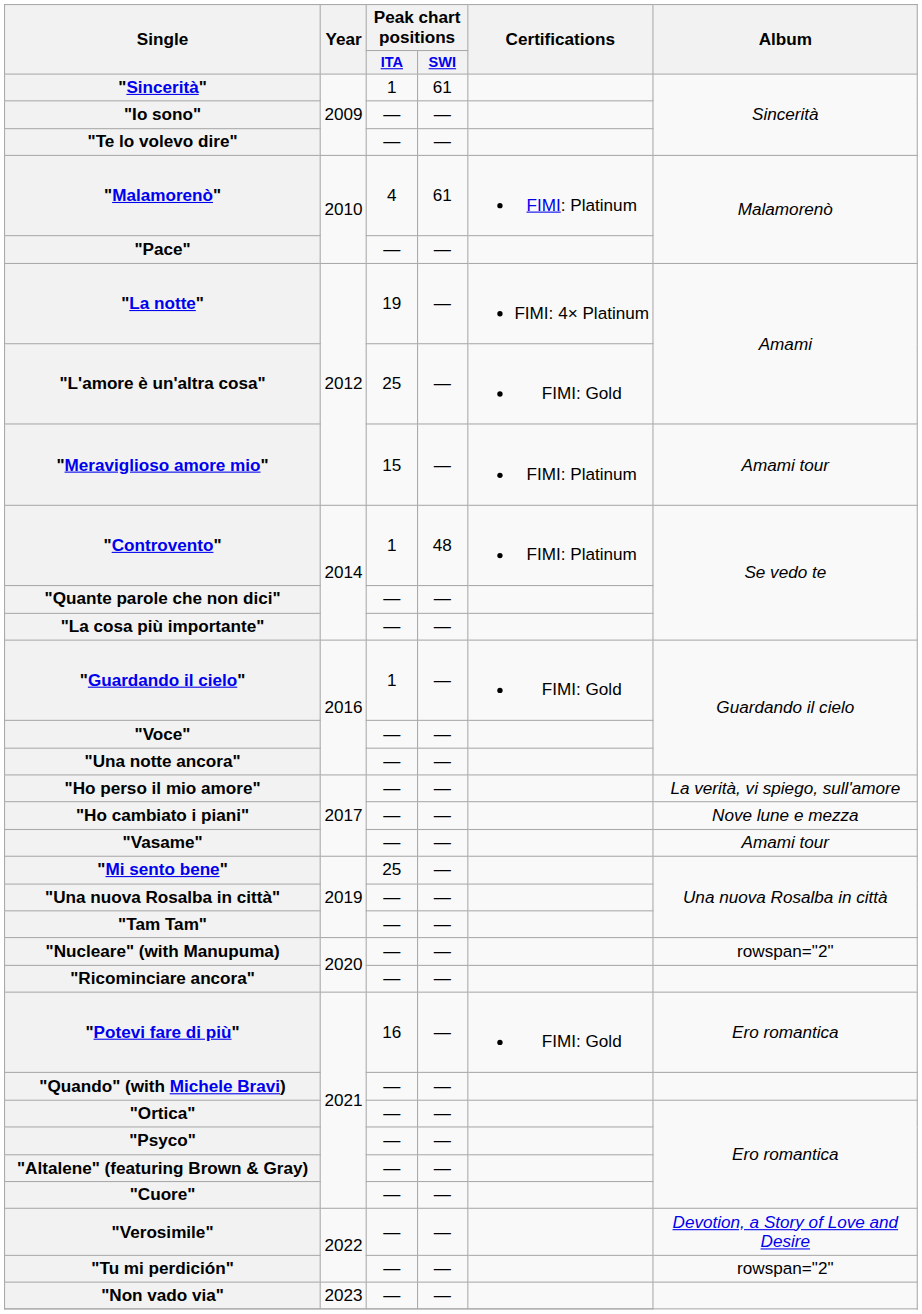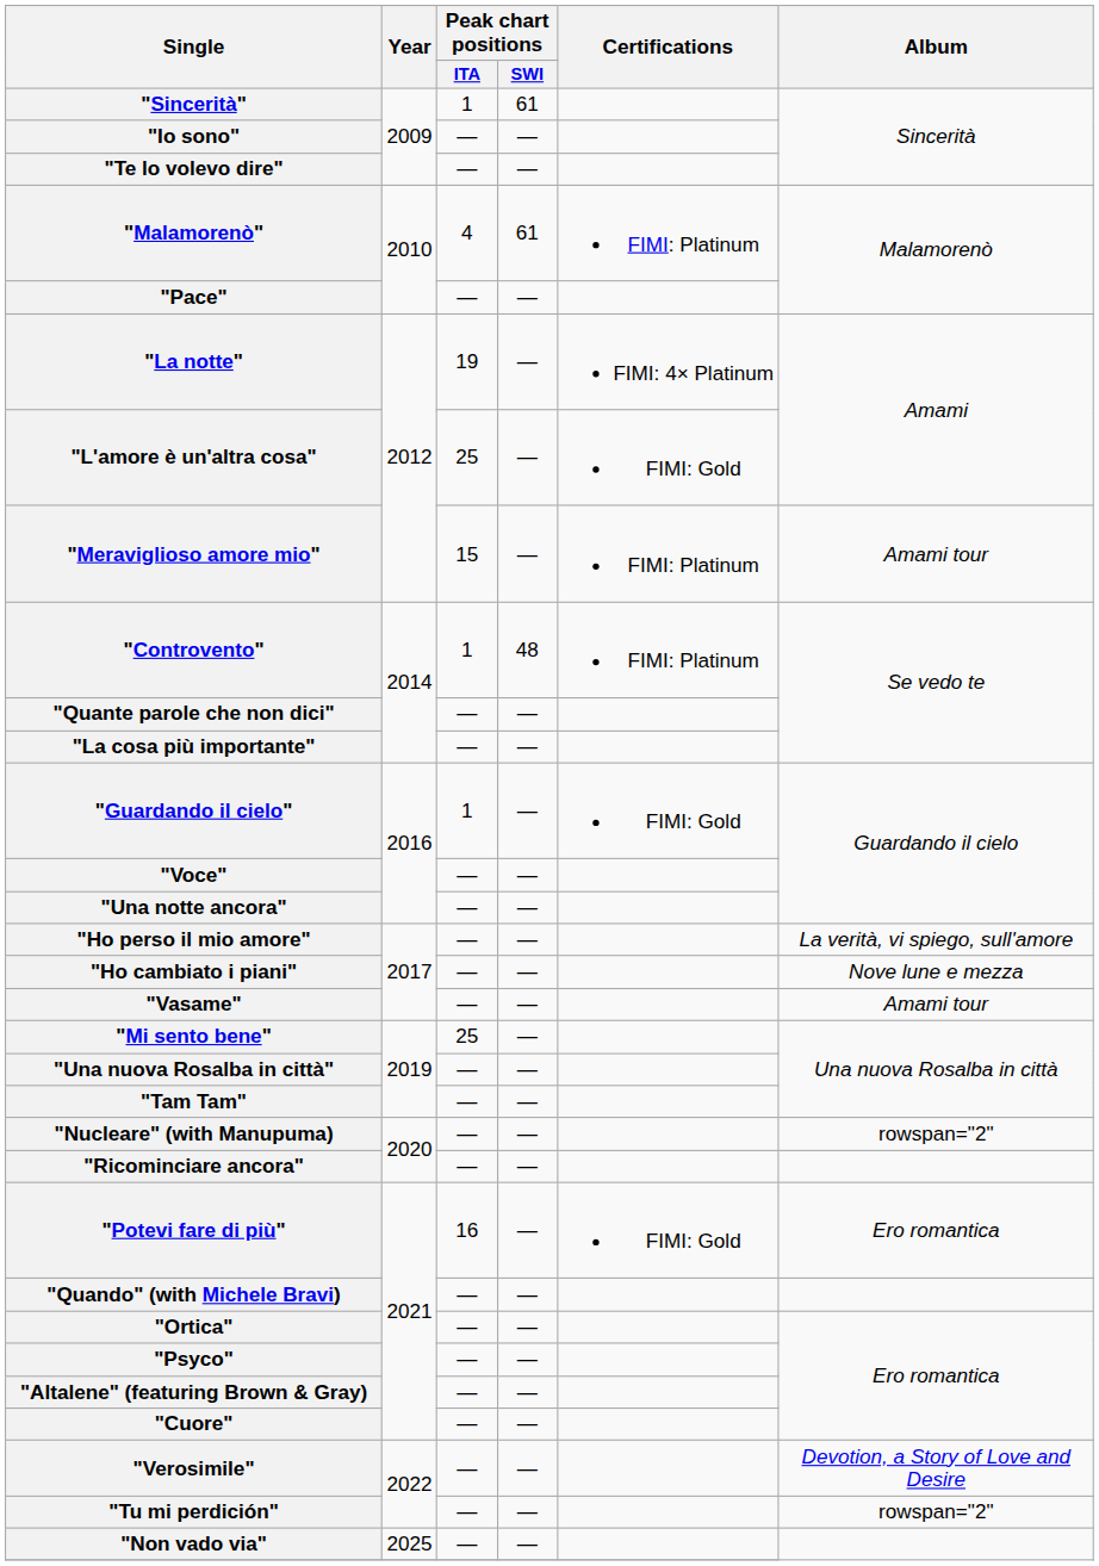 <table class="wikitable plainrowheaders" style="text-align:center;" border="1">
 <tr>
 <th scope="col" rowspan="2" style="width:18em;">Single</th>
 <th scope="col" rowspan="2">Year</th>
 <th scope="col" colspan="2">Peak chart positions</th>
 <th scope="col" rowspan="2">Certifications</th>
 <th scope="col" rowspan="2" style="width:15em;">Album</th>
 </tr>
 <tr>
 <th scope="col" style="width:3em;font-size:85%;"><a href='#'>ITA</a><br></th>
 <th scope="col" style="width:3em;font-size:85%;"><a href='#'>SWI</a><br></th>
 </tr>
 <tr>
 <th scope="row">"<a href='#'>Sincerità</a>"</th>
 <td rowspan="3">2009</td>
 <td>1</td>
 <td>61</td>
 <td></td>
 <td rowspan="3"><em>Sincerità</em></td>
 </tr>
 <tr>
 <th scope="row">"Io sono"</th>
 <td>—</td>
 <td>—</td>
 <td></td>
 </tr>
 <tr>
 <th scope="row">"Te lo volevo dire"</th>
 <td>—</td>
 <td>—</td>
 <td></td>
 </tr>
 <tr>
 <th scope="row">"<a href='#'>Malamorenò</a>"</th>
 <td rowspan="2">2010</td>
 <td>4</td>
 <td>61</td>
 <td><br><ul><li><a href='#'>FIMI</a>: Platinum</li></ul></td>
 <td rowspan="2"><em>Malamorenò</em></td>
 </tr>
 <tr>
 <th scope="row">"Pace"</th>
 <td>—</td>
 <td>—</td>
 <td></td>
 </tr>
 <tr>
 <th scope="row">"<a href='#'>La notte</a>"</th>
 <td rowspan="3">2012</td>
 <td>19</td>
 <td>—</td>
 <td><br><ul><li>FIMI: 4× Platinum</li></ul></td>
 <td rowspan="2"><em>Amami</em></td>
 </tr>
 <tr>
 <th scope="row">"L'amore è un'altra cosa"</th>
 <td>25</td>
 <td>—</td>
 <td><br><ul><li>FIMI: Gold</li></ul></td>
 </tr>
 <tr>
 <th scope="row">"<a href='#'>Meraviglioso amore mio</a>"</th>
 <td>15</td>
 <td>—</td>
 <td><br><ul><li>FIMI: Platinum</li></ul></td>
 <td><em>Amami tour</em></td>
 </tr>
 <tr>
 <th scope="row">"<a href='#'>Controvento</a>"</th>
 <td rowspan="3">2014</td>
 <td>1</td>
 <td>48</td>
 <td><br><ul><li>FIMI: Platinum</li></ul></td>
 <td rowspan="3"><em>Se vedo te</em></td>
 </tr>
 <tr>
 <th scope="row">"Quante parole che non dici"</th>
 <td>—</td>
 <td>—</td>
 <td></td>
 </tr>
 <tr>
 <th scope="row">"La cosa più importante"</th>
 <td>—</td>
 <td>—</td>
 <td></td>
 </tr>
 <tr>
 <th scope="row">"<a href='#'>Guardando il cielo</a>"</th>
 <td rowspan="3">2016</td>
 <td>1</td>
 <td>—</td>
 <td><br><ul><li>FIMI: Gold</li></ul></td>
 <td rowspan="3"><em>Guardando il cielo</em></td>
 </tr>
 <tr>
 <th scope="row">"Voce"</th>
 <td>—</td>
 <td>—</td>
 <td></td>
 </tr>
 <tr>
 <th scope="row">"Una notte ancora"</th>
 <td>—</td>
 <td>—</td>
 <td></td>
 </tr>
 <tr>
 <th scope="row">"Ho perso il mio amore"</th>
 <td rowspan="3">2017</td>
 <td>—</td>
 <td>—</td>
 <td></td>
 <td><em>La verità, vi spiego, sull'amore</em></td>
 </tr>
 <tr>
 <th scope="row">"Ho cambiato i piani"</th>
 <td>—</td>
 <td>—</td>
 <td></td>
 <td><em>Nove lune e mezza</em></td>
 </tr>
 <tr>
 <th scope="row">"Vasame"</th>
 <td>—</td>
 <td>—</td>
 <td></td>
 <td><em>Amami tour</em></td>
 </tr>
 <tr>
 <th scope="row">"<a href='#'>Mi sento bene</a>"</th>
 <td rowspan="3">2019</td>
 <td>25</td>
 <td>—</td>
 <td></td>
 <td rowspan="3"><em>Una nuova Rosalba in città</em></td>
 </tr>
 <tr>
 <th scope="row">"Una nuova Rosalba in città"</th>
 <td>—</td>
 <td>—</td>
 <td></td>
 </tr>
 <tr>
 <th scope="row">"Tam Tam"</th>
 <td>—</td>
 <td>—</td>
 <td></td>
 </tr>
 <tr>
 <th scope="row">"Nucleare" (with Manupuma)</th>
 <td rowspan="2">2020</td>
 <td>—</td>
 <td>—</td>
 <td></td>
 <td>rowspan="2" </td>
 </tr>
 <tr>
 <th scope="row">"Ricominciare ancora"</th>
 <td>—</td>
 <td>—</td>
 <td></td>
 </tr>
 <tr>
 <th scope="row">"<a href='#'>Potevi fare di più</a>"</th>
 <td rowspan="6">2021</td>
 <td>16</td>
 <td>—</td>
 <td><br><ul><li>FIMI: Gold</li></ul></td>
 <td><em>Ero romantica</em></td>
 </tr>
 <tr>
 <th scope="row">"Quando" (with <a href='#'>Michele Bravi</a>)</th>
 <td>—</td>
 <td>—</td>
 <td></td>
 <td></td>
 </tr>
 <tr>
 <th scope="row">"Ortica"</th>
 <td>—</td>
 <td>—</td>
 <td></td>
 <td rowspan="4"><em>Ero romantica</em></td>
 </tr>
 <tr>
 <th scope="row">"Psyco"</th>
 <td>—</td>
 <td>—</td>
 <td></td>
 </tr>
 <tr>
 <th scope="row">"Altalene" (featuring Brown & Gray)</th>
 <td>—</td>
 <td>—</td>
 <td></td>
 </tr>
 <tr>
 <th scope="row">"Cuore"</th>
 <td>—</td>
 <td>—</td>
 <td></td>
 </tr>
 <tr>
 <th scope="row">"Verosimile"</th>
 <td rowspan="2">2022</td>
 <td>—</td>
 <td>—</td>
 <td></td>
 <td><em><a href='#'>Devotion, a Story of Love and Desire</a></em></td>
 </tr>
 <tr>
 <th scope="row">"Tu mi perdición"</th>
 <td>—</td>
 <td>—</td>
 <td></td>
 <td>rowspan="2" </td>
 </tr>
 <tr>
 <th scope="row">"Non vado via"</th>
-<td>2023</td>
+<td>2025</td>
 <td>—</td>
 <td>—</td>
 <td></td>
 </tr>
 <tr>
 </tr>
 </table>
